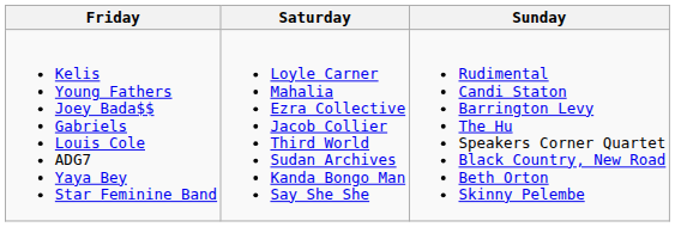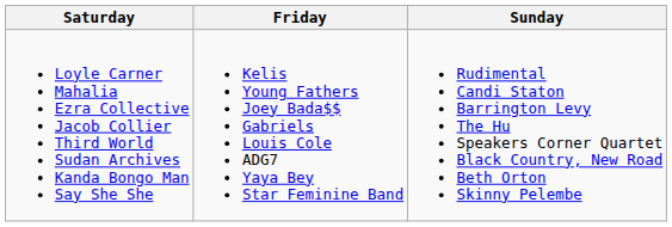 <table class="wikitable">
 <tr>
+<th>Saturday</th>
 <th>Friday</th>
-<th>Saturday</th>
 <th>Sunday</th>
 </tr>
 <tr>
+<td><br><ul><li><a href='#'>Loyle Carner</a></li><li><a href='#'>Mahalia</a></li><li><a href='#'>Ezra Collective</a></li><li><a href='#'>Jacob Collier</a></li><li><a href='#'>Third World</a></li><li><a href='#'>Sudan Archives</a></li><li><a href='#'>Kanda Bongo Man</a></li><li><a href='#'>Say She She</a></li></ul></td>
 <td><br><ul><li><a href='#'>Kelis</a></li><li><a href='#'>Young Fathers</a></li><li><a href='#'>Joey Bada$$</a></li><li><a href='#'>Gabriels</a></li><li><a href='#'>Louis Cole</a></li><li>ADG7</li><li><a href='#'>Yaya Bey</a></li><li><a href='#'>Star Feminine Band</a></li></ul></td>
-<td><br><ul><li><a href='#'>Loyle Carner</a></li><li><a href='#'>Mahalia</a></li><li><a href='#'>Ezra Collective</a></li><li><a href='#'>Jacob Collier</a></li><li><a href='#'>Third World</a></li><li><a href='#'>Sudan Archives</a></li><li><a href='#'>Kanda Bongo Man</a></li><li><a href='#'>Say She She</a></li></ul></td>
 <td><br><ul><li><a href='#'>Rudimental</a></li><li><a href='#'>Candi Staton</a></li><li><a href='#'>Barrington Levy</a></li><li><a href='#'>The Hu</a></li><li>Speakers Corner Quartet</li><li><a href='#'>Black Country, New Road</a></li><li><a href='#'>Beth Orton</a></li><li><a href='#'>Skinny Pelembe</a></li></ul></td>
 </tr>
 </table>
